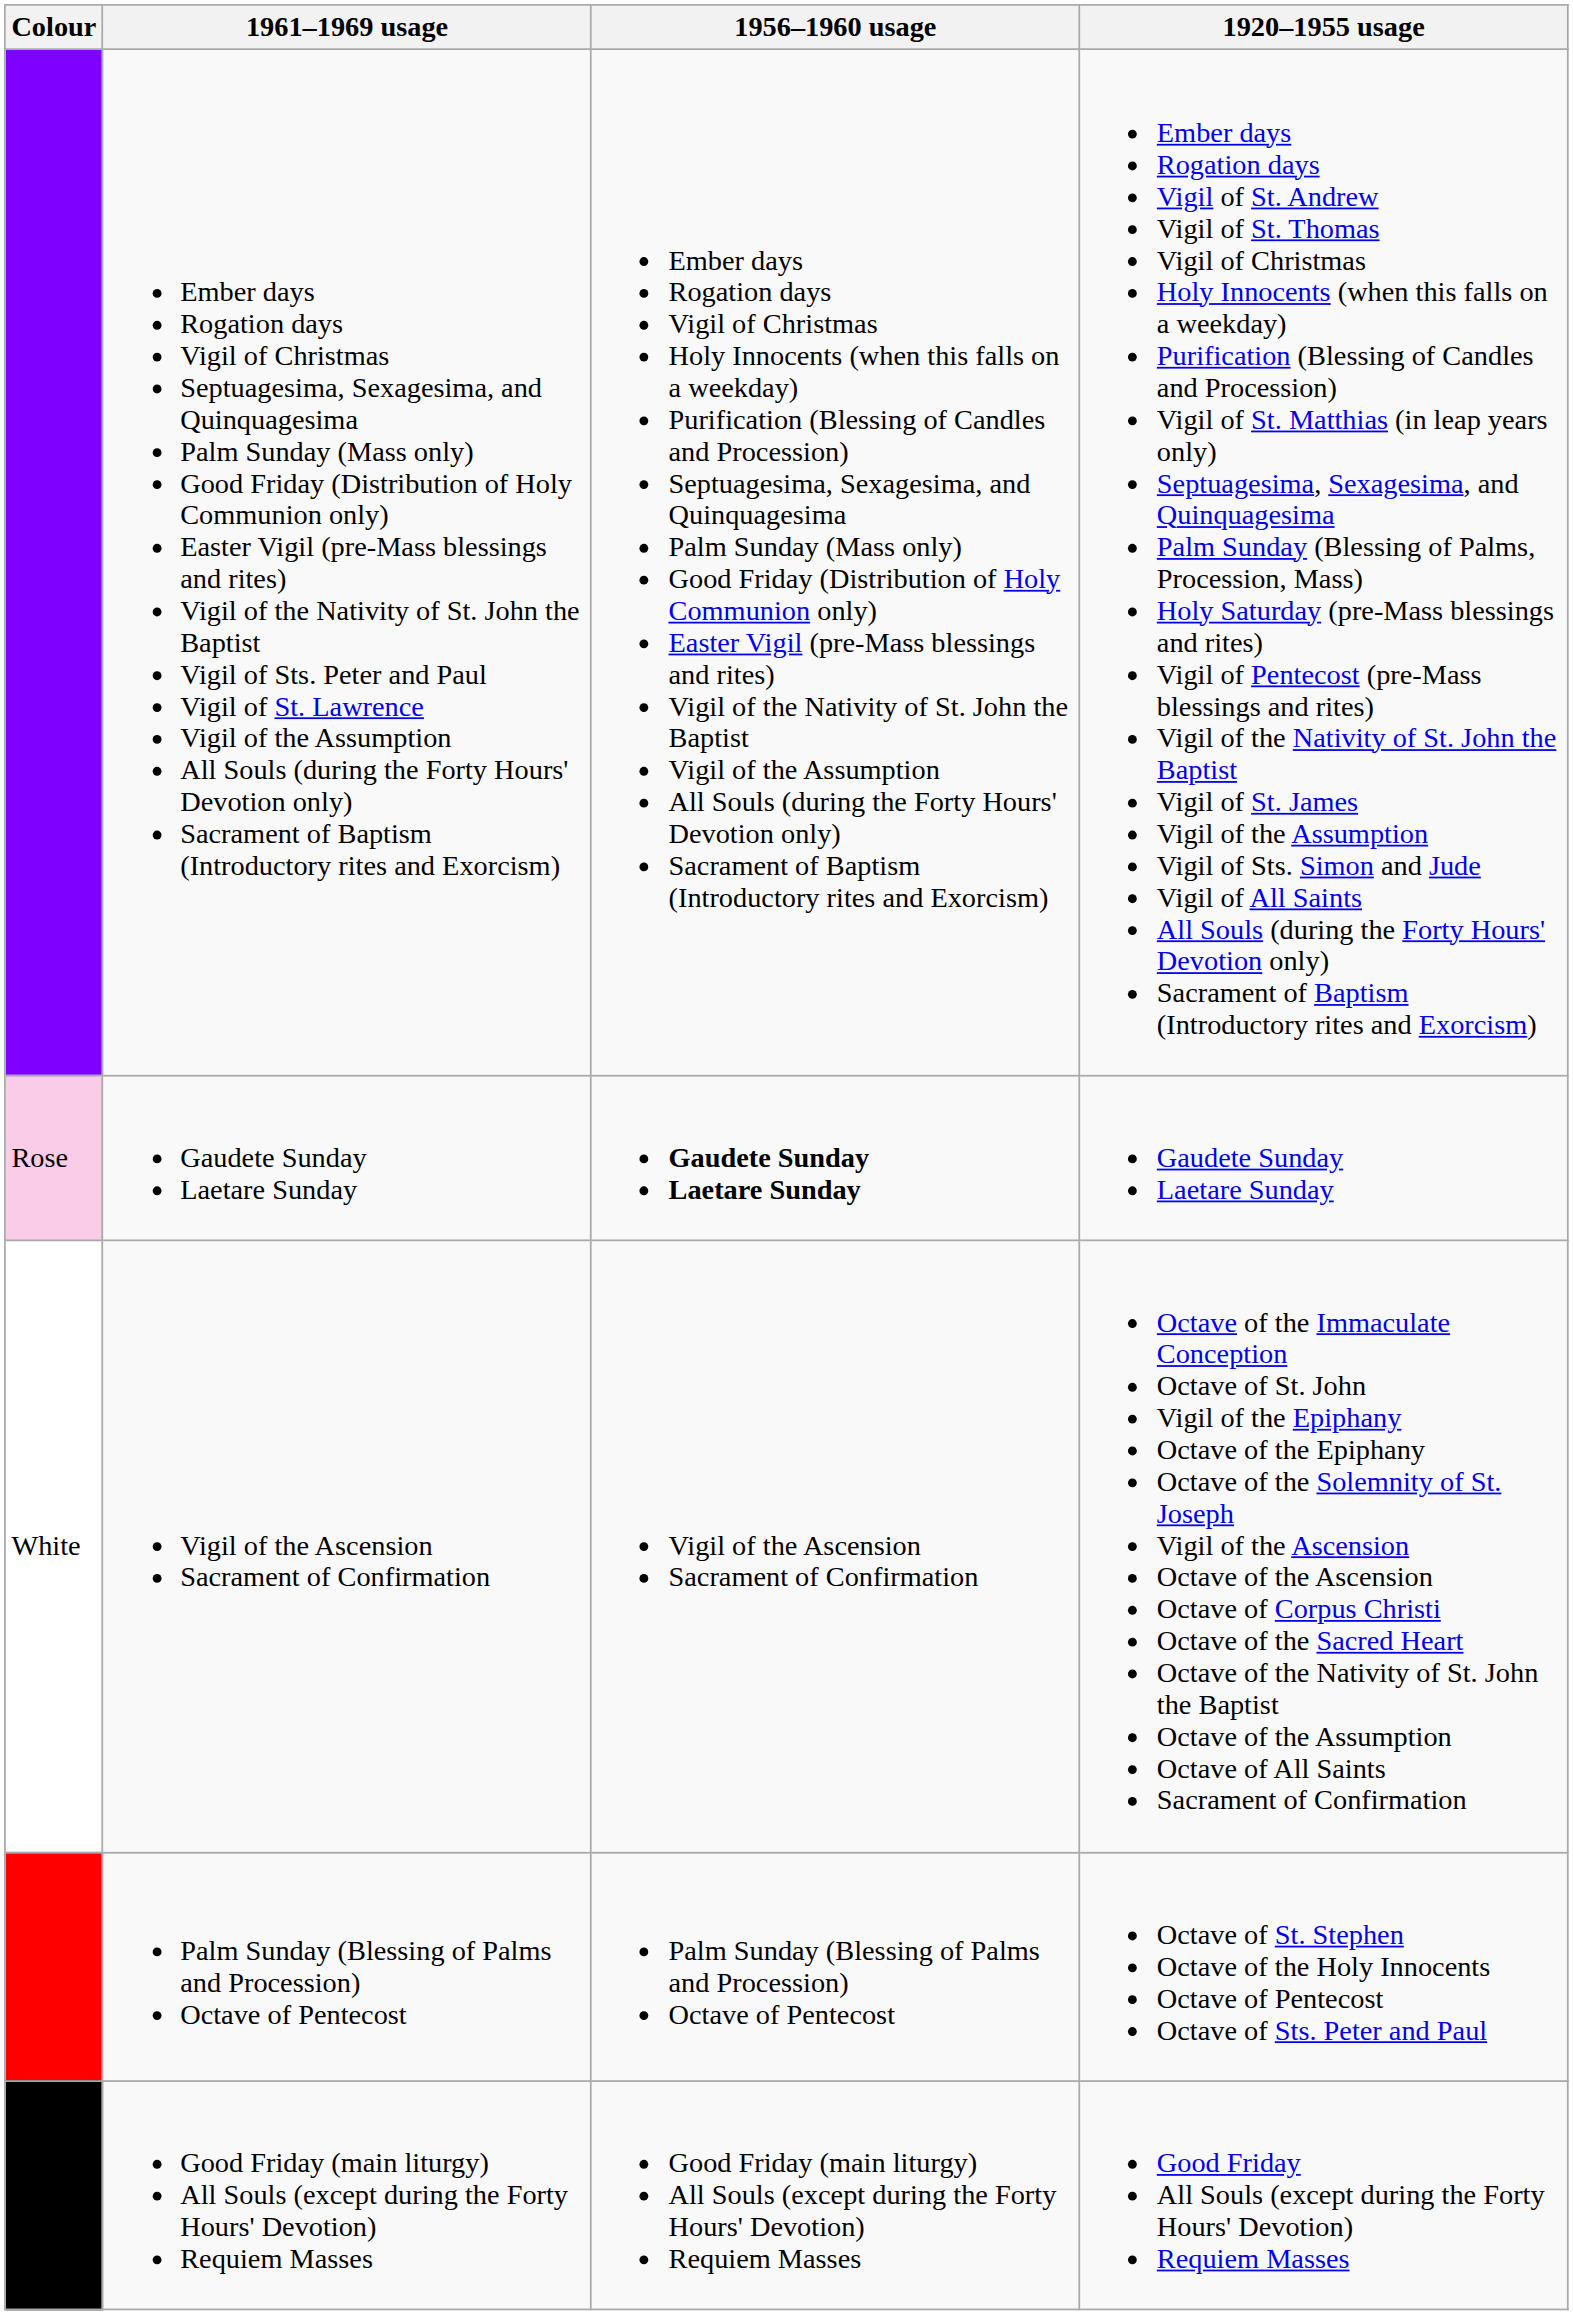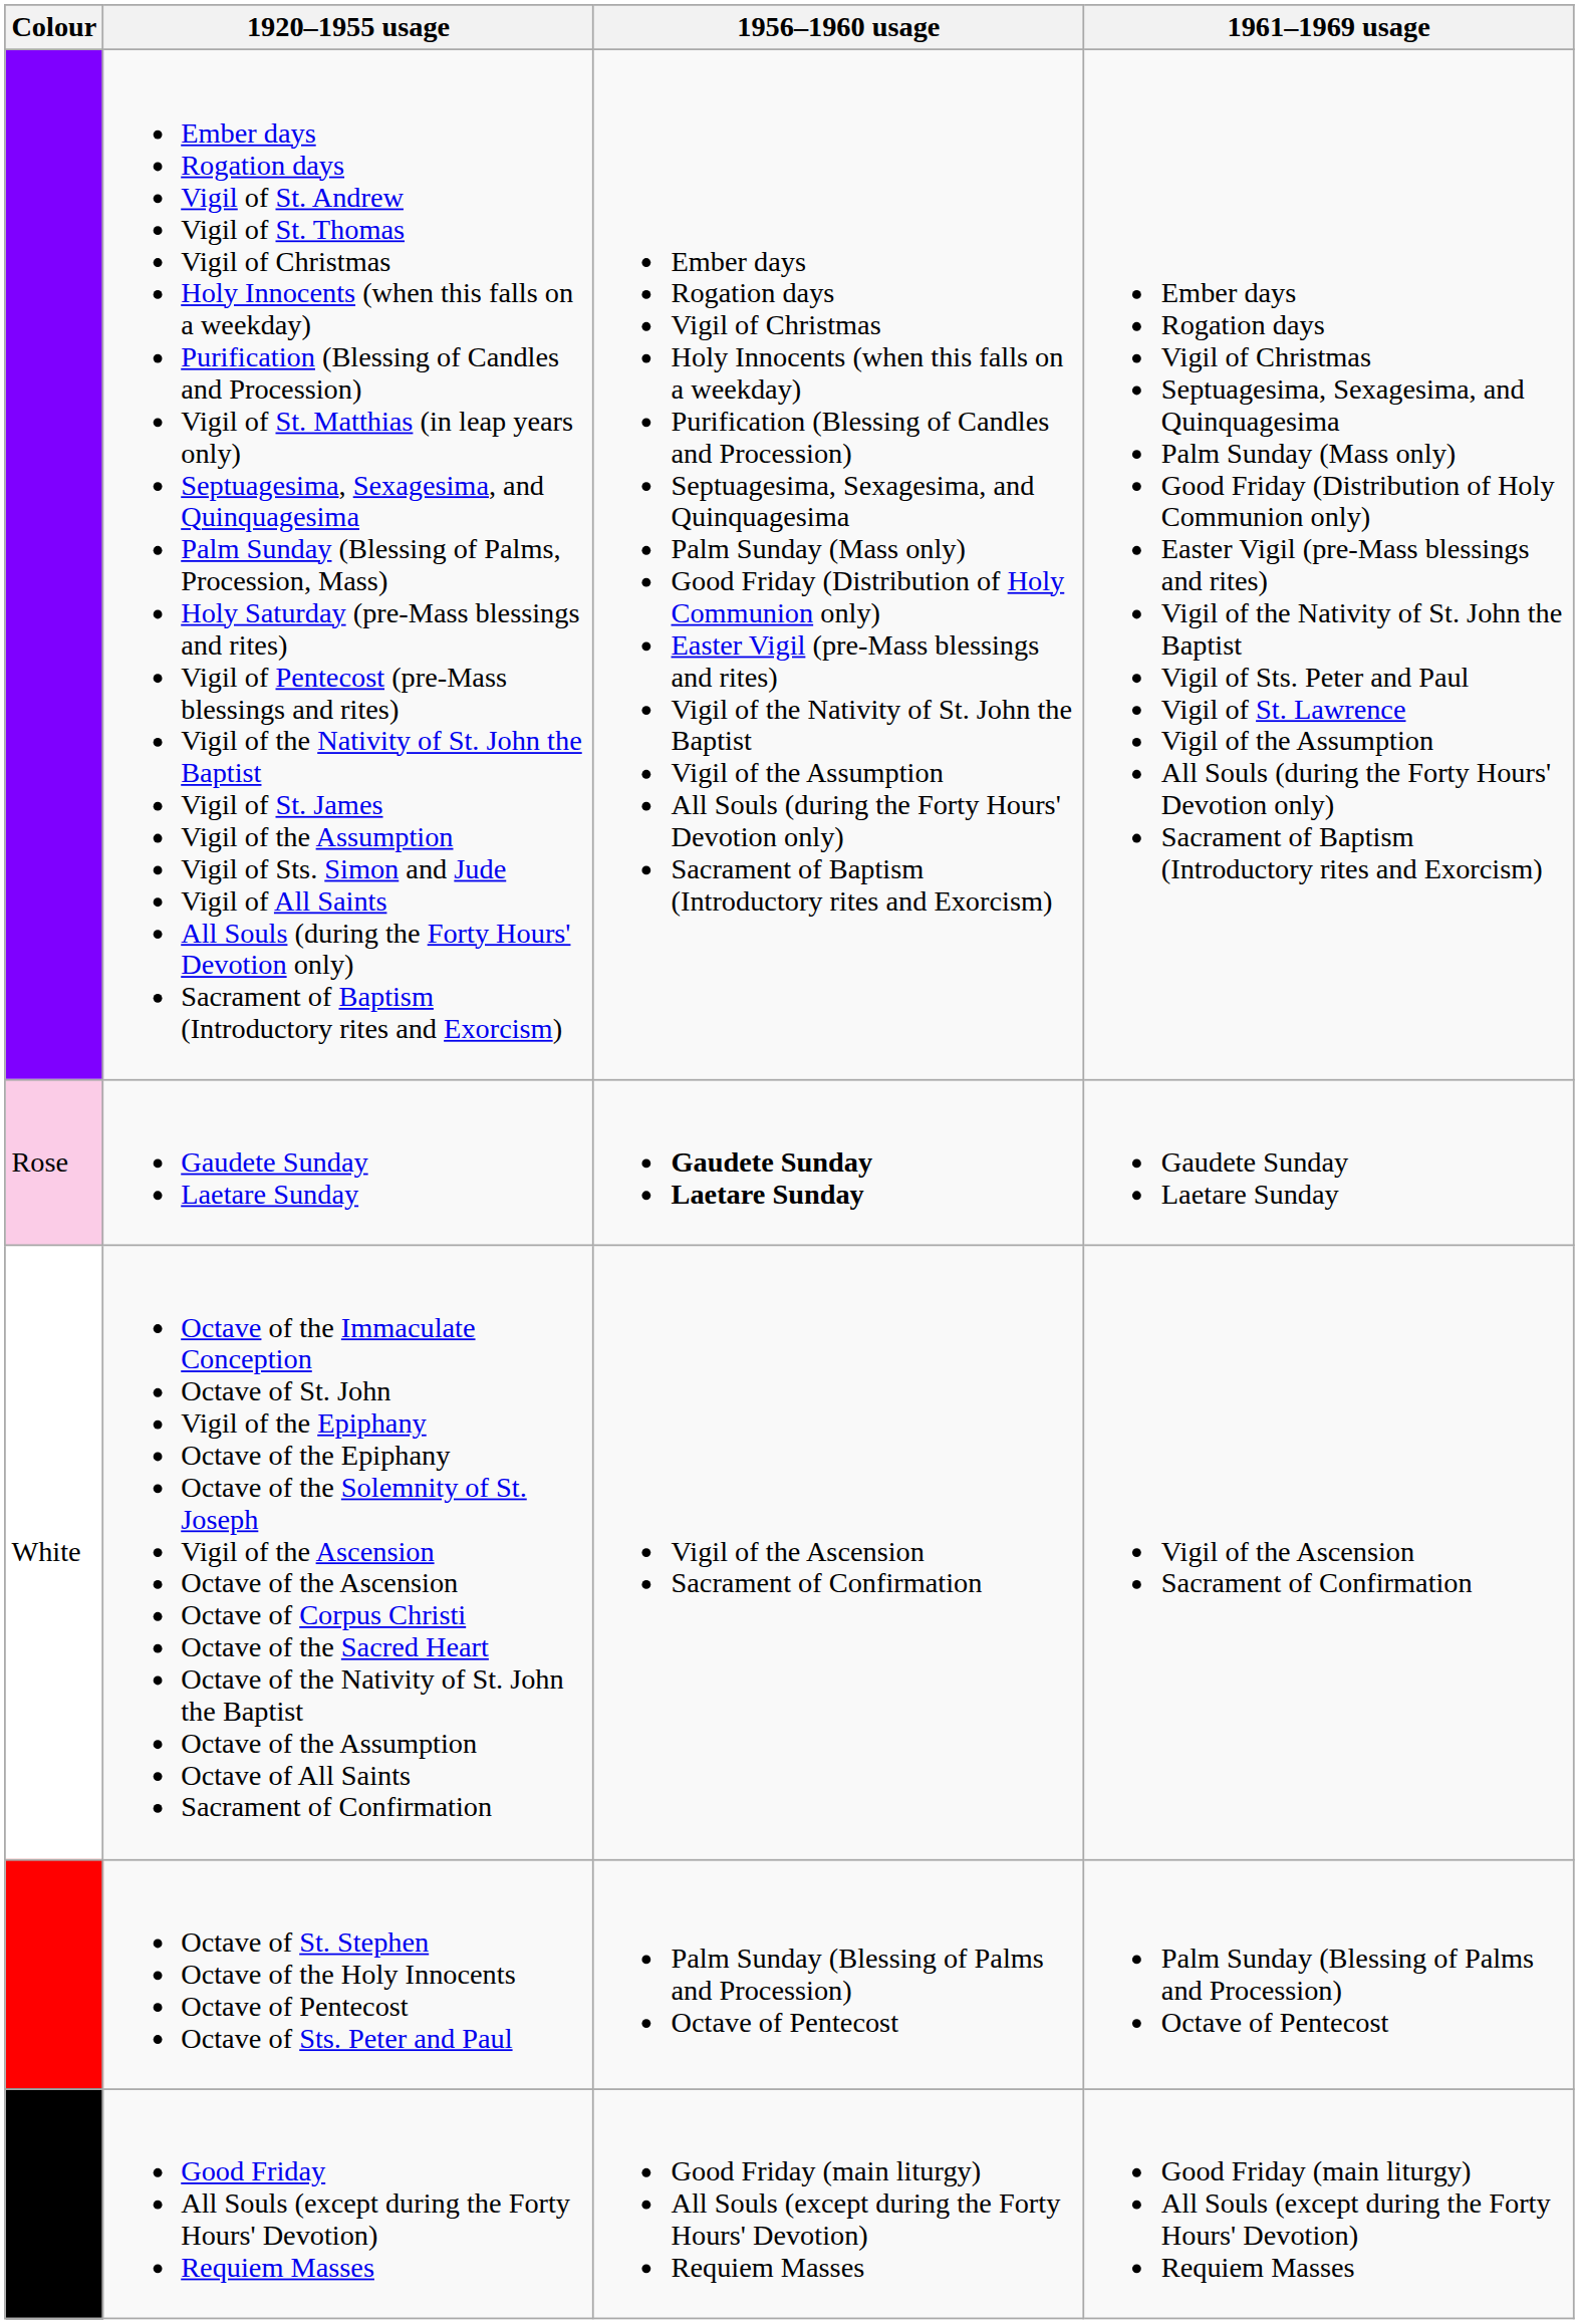 <table class="wikitable" style="margin: 1em auto 1em auto;">
 <tr>
 <th style="text-align:center;">Colour</th>
+<th style="text-align:center; width:350px;">1920–1955 usage</th>
+<th style="text-align:center; width:350px;">1956–1960 usage</th>
 <th style="text-align:center; width:350px;">1961–1969 usage</th>
-<th style="text-align:center; width:350px;">1956–1960 usage</th>
-<th style="text-align:center; width:350px;">1920–1955 usage</th>
 </tr>
 <tr>
 <td style="background:#7f00ff;"></td>
+<td><br><ul><li><a href='#'>Ember days</a></li><li><a href='#'>Rogation days</a></li><li><a href='#'>Vigil</a> of <a href='#'>St. Andrew</a></li><li>Vigil of <a href='#'>St. Thomas</a></li><li>Vigil of Christmas</li><li><a href='#'>Holy Innocents</a> (when this falls on a weekday)</li><li><a href='#'>Purification</a> (Blessing of Candles and Procession)</li><li>Vigil of <a href='#'>St. Matthias</a> (in leap years only)</li><li><a href='#'>Septuagesima</a>, <a href='#'>Sexagesima</a>, and <a href='#'>Quinquagesima</a></li><li><a href='#'>Palm Sunday</a> (Blessing of Palms, Procession, Mass)</li><li><a href='#'>Holy Saturday</a> (pre-Mass blessings and rites)</li><li>Vigil of <a href='#'>Pentecost</a> (pre-Mass blessings and rites)</li><li>Vigil of the <a href='#'>Nativity of St. John the Baptist</a></li><li>Vigil of <a href='#'>St. James</a></li><li>Vigil of the <a href='#'>Assumption</a></li><li>Vigil of Sts. <a href='#'>Simon</a> and <a href='#'>Jude</a></li><li>Vigil of <a href='#'>All Saints</a></li><li><a href='#'>All Souls</a> (during the <a href='#'>Forty Hours' Devotion</a> only)</li><li>Sacrament of <a href='#'>Baptism</a> (Introductory rites and <a href='#'>Exorcism</a>)</li></ul></td>
+<td><br><ul><li>Ember days</li><li>Rogation days</li><li>Vigil of Christmas</li><li>Holy Innocents (when this falls on a weekday)</li><li>Purification (Blessing of Candles and Procession)</li><li>Septuagesima, Sexagesima, and Quinquagesima</li><li>Palm Sunday (Mass only)</li><li>Good Friday (Distribution of <a href='#'>Holy Communion</a> only)</li><li><a href='#'>Easter Vigil</a> (pre-Mass blessings and rites)</li><li>Vigil of the Nativity of St. John the Baptist</li><li>Vigil of the Assumption</li><li>All Souls (during the Forty Hours' Devotion only)</li><li>Sacrament of Baptism (Introductory rites and Exorcism)</li></ul></td>
 <td><br><ul><li>Ember days</li><li>Rogation days</li><li>Vigil of Christmas</li><li>Septuagesima, Sexagesima, and Quinquagesima</li><li>Palm Sunday (Mass only)</li><li>Good Friday (Distribution of Holy Communion only)</li><li>Easter Vigil (pre-Mass blessings and rites)</li><li>Vigil of the Nativity of St. John the Baptist</li><li>Vigil of Sts. Peter and Paul</li><li>Vigil of <a href='#'>St. Lawrence</a></li><li>Vigil of the Assumption</li><li>All Souls (during the Forty Hours' Devotion only)</li><li>Sacrament of Baptism (Introductory rites and Exorcism)</li></ul></td>
-<td><br><ul><li>Ember days</li><li>Rogation days</li><li>Vigil of Christmas</li><li>Holy Innocents (when this falls on a weekday)</li><li>Purification (Blessing of Candles and Procession)</li><li>Septuagesima, Sexagesima, and Quinquagesima</li><li>Palm Sunday (Mass only)</li><li>Good Friday (Distribution of <a href='#'>Holy Communion</a> only)</li><li><a href='#'>Easter Vigil</a> (pre-Mass blessings and rites)</li><li>Vigil of the Nativity of St. John the Baptist</li><li>Vigil of the Assumption</li><li>All Souls (during the Forty Hours' Devotion only)</li><li>Sacrament of Baptism (Introductory rites and Exorcism)</li></ul></td>
-<td><br><ul><li><a href='#'>Ember days</a></li><li><a href='#'>Rogation days</a></li><li><a href='#'>Vigil</a> of <a href='#'>St. Andrew</a></li><li>Vigil of <a href='#'>St. Thomas</a></li><li>Vigil of Christmas</li><li><a href='#'>Holy Innocents</a> (when this falls on a weekday)</li><li><a href='#'>Purification</a> (Blessing of Candles and Procession)</li><li>Vigil of <a href='#'>St. Matthias</a> (in leap years only)</li><li><a href='#'>Septuagesima</a>, <a href='#'>Sexagesima</a>, and <a href='#'>Quinquagesima</a></li><li><a href='#'>Palm Sunday</a> (Blessing of Palms, Procession, Mass)</li><li><a href='#'>Holy Saturday</a> (pre-Mass blessings and rites)</li><li>Vigil of <a href='#'>Pentecost</a> (pre-Mass blessings and rites)</li><li>Vigil of the <a href='#'>Nativity of St. John the Baptist</a></li><li>Vigil of <a href='#'>St. James</a></li><li>Vigil of the <a href='#'>Assumption</a></li><li>Vigil of Sts. <a href='#'>Simon</a> and <a href='#'>Jude</a></li><li>Vigil of <a href='#'>All Saints</a></li><li><a href='#'>All Souls</a> (during the <a href='#'>Forty Hours' Devotion</a> only)</li><li>Sacrament of <a href='#'>Baptism</a> (Introductory rites and <a href='#'>Exorcism</a>)</li></ul></td>
 </tr>
 <tr>
 <td style="background:#fbcce7;">Rose</td>
+<td><br><ul><li><a href='#'>Gaudete Sunday</a></li><li><a href='#'>Laetare Sunday</a></li></ul></td>
+<td><strong><br><ul><li>Gaudete Sunday</li><li>Laetare Sunday</li></ul></strong></td>
 <td><br><ul><li>Gaudete Sunday</li><li>Laetare Sunday</li></ul></td>
-<td><strong><br><ul><li>Gaudete Sunday</li><li>Laetare Sunday</li></ul></strong></td>
-<td><br><ul><li><a href='#'>Gaudete Sunday</a></li><li><a href='#'>Laetare Sunday</a></li></ul></td>
 </tr>
 <tr>
 <td style="background:white;">White</td>
+<td><br><ul><li><a href='#'>Octave</a> of the <a href='#'>Immaculate Conception</a></li><li>Octave of St. John</li><li>Vigil of the <a href='#'>Epiphany</a></li><li>Octave of the Epiphany</li><li>Octave of the <a href='#'>Solemnity of St. Joseph</a></li><li>Vigil of the <a href='#'>Ascension</a></li><li>Octave of the Ascension</li><li>Octave of <a href='#'>Corpus Christi</a></li><li>Octave of the <a href='#'>Sacred Heart</a></li><li>Octave of the Nativity of St. John the Baptist</li><li>Octave of the Assumption</li><li>Octave of All Saints</li><li>Sacrament of Confirmation</li></ul></td>
 <td><br><ul><li>Vigil of the Ascension</li><li>Sacrament of Confirmation</li></ul></td>
 <td><br><ul><li>Vigil of the Ascension</li><li>Sacrament of Confirmation</li></ul></td>
-<td><br><ul><li><a href='#'>Octave</a> of the <a href='#'>Immaculate Conception</a></li><li>Octave of St. John</li><li>Vigil of the <a href='#'>Epiphany</a></li><li>Octave of the Epiphany</li><li>Octave of the <a href='#'>Solemnity of St. Joseph</a></li><li>Vigil of the <a href='#'>Ascension</a></li><li>Octave of the Ascension</li><li>Octave of <a href='#'>Corpus Christi</a></li><li>Octave of the <a href='#'>Sacred Heart</a></li><li>Octave of the Nativity of St. John the Baptist</li><li>Octave of the Assumption</li><li>Octave of All Saints</li><li>Sacrament of Confirmation</li></ul></td>
 </tr>
 <tr>
 <td style="background:red;"></td>
+<td><br><ul><li>Octave of <a href='#'>St. Stephen</a></li><li>Octave of the Holy Innocents</li><li>Octave of Pentecost</li><li>Octave of <a href='#'>Sts. Peter and Paul</a></li></ul></td>
 <td><br><ul><li>Palm Sunday (Blessing of Palms and Procession)</li><li>Octave of Pentecost</li></ul></td>
 <td><br><ul><li>Palm Sunday (Blessing of Palms and Procession)</li><li>Octave of Pentecost</li></ul></td>
-<td><br><ul><li>Octave of <a href='#'>St. Stephen</a></li><li>Octave of the Holy Innocents</li><li>Octave of Pentecost</li><li>Octave of <a href='#'>Sts. Peter and Paul</a></li></ul></td>
 </tr>
 <tr>
 <td style="background:black;"></td>
+<td><br><ul><li><a href='#'>Good Friday</a></li><li>All Souls (except during the Forty Hours' Devotion)</li><li><a href='#'>Requiem Masses</a></li></ul></td>
 <td><br><ul><li>Good Friday (main liturgy)</li><li>All Souls (except during the Forty Hours' Devotion)</li><li>Requiem Masses</li></ul></td>
 <td><br><ul><li>Good Friday (main liturgy)</li><li>All Souls (except during the Forty Hours' Devotion)</li><li>Requiem Masses</li></ul></td>
-<td><br><ul><li><a href='#'>Good Friday</a></li><li>All Souls (except during the Forty Hours' Devotion)</li><li><a href='#'>Requiem Masses</a></li></ul></td>
 </tr>
 </table>
